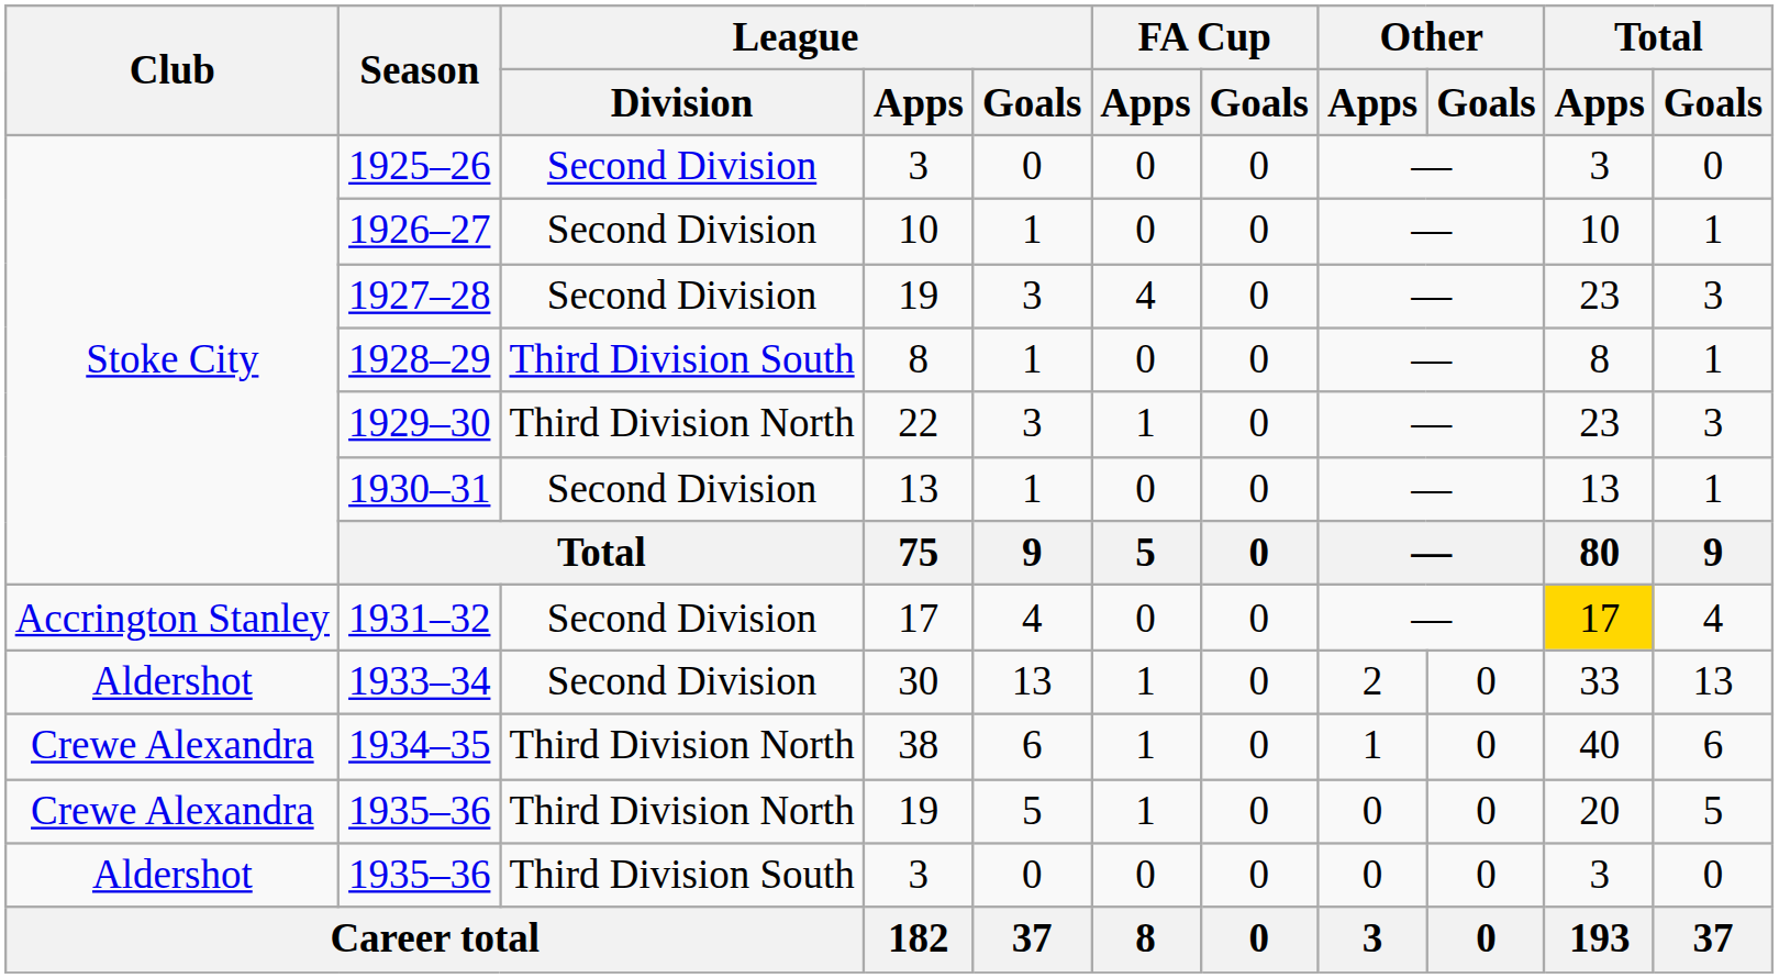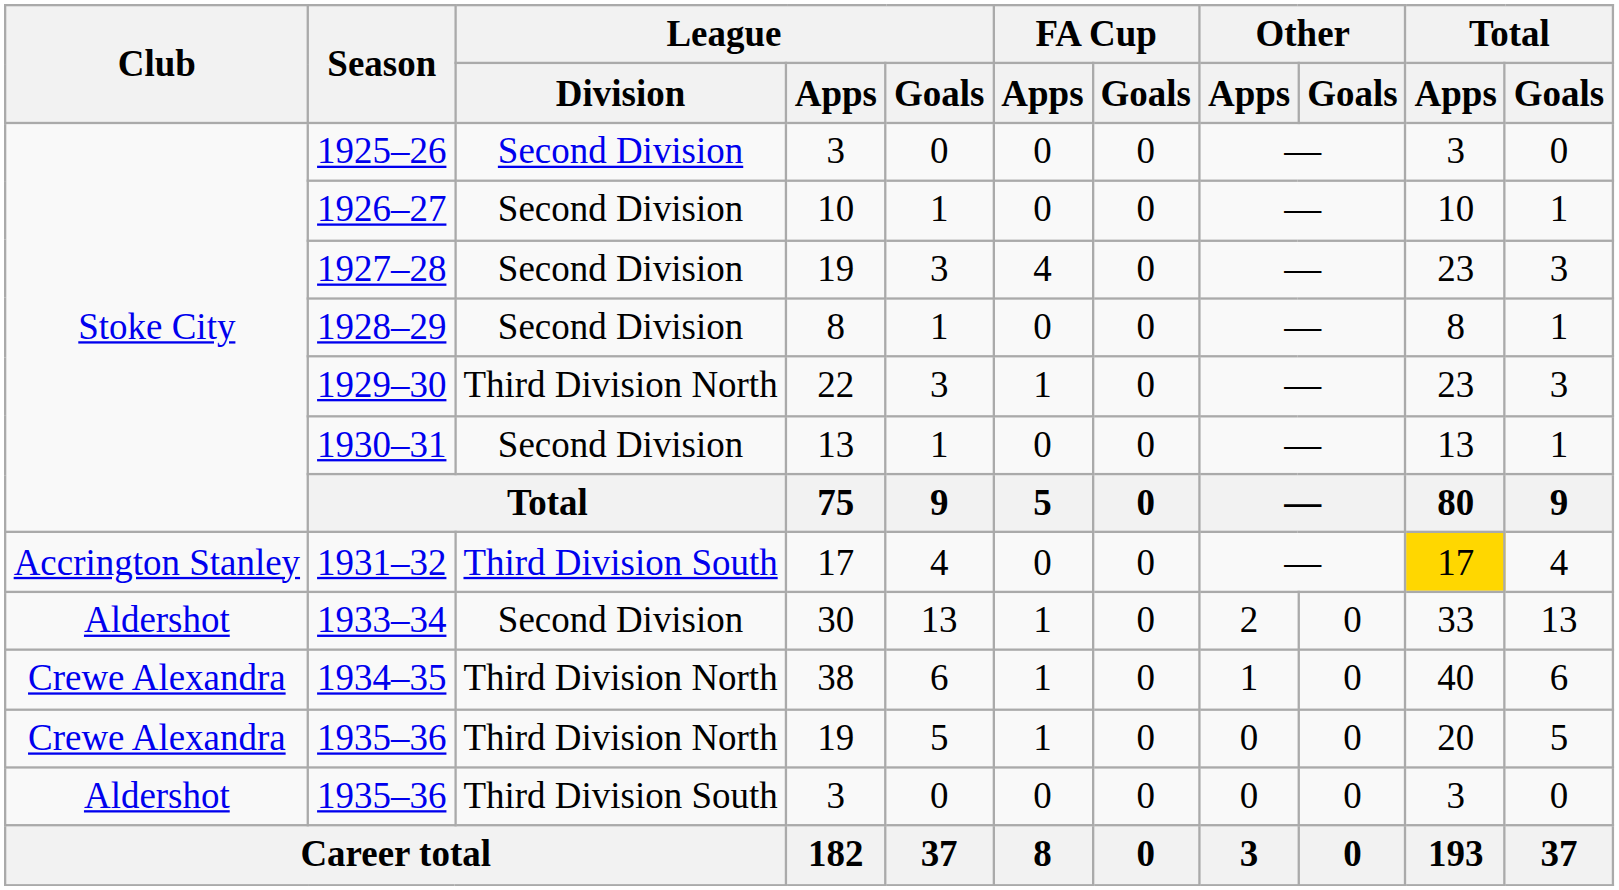 <table class="wikitable" style="text-align: center;">
 <tr>
 <th rowspan="2">Club</th>
 <th rowspan="2">Season</th>
 <th colspan="3">League</th>
 <th colspan="2">FA Cup</th>
 <th colspan="2">Other</th>
 <th colspan="2">Total</th>
 </tr>
 <tr>
 <th>Division</th>
 <th>Apps</th>
 <th>Goals</th>
 <th>Apps</th>
 <th>Goals</th>
 <th>Apps</th>
 <th>Goals</th>
 <th>Apps</th>
 <th>Goals</th>
 </tr>
 <tr>
 <td rowspan="7"><a href='#'>Stoke City</a></td>
 <td><a href='#'>1925–26</a></td>
 <td><a href='#'>Second Division</a></td>
 <td>3</td>
 <td>0</td>
 <td>0</td>
 <td>0</td>
 <td colspan=2>—</td>
 <td>3</td>
 <td>0</td>
 </tr>
 <tr>
 <td><a href='#'>1926–27</a></td>
 <td>Second Division</td>
 <td>10</td>
 <td>1</td>
 <td>0</td>
 <td>0</td>
 <td colspan=2>—</td>
 <td>10</td>
 <td>1</td>
 </tr>
 <tr>
 <td><a href='#'>1927–28</a></td>
 <td>Second Division</td>
 <td>19</td>
 <td>3</td>
 <td>4</td>
 <td>0</td>
 <td colspan=2>—</td>
 <td>23</td>
 <td>3</td>
 </tr>
 <tr>
 <td><a href='#'>1928–29</a></td>
-<td><a href='#'>Third Division South</a></td>
+<td>Second Division</td>
 <td>8</td>
 <td>1</td>
 <td>0</td>
 <td>0</td>
 <td colspan=2>—</td>
 <td>8</td>
 <td>1</td>
 </tr>
 <tr>
 <td><a href='#'>1929–30</a></td>
 <td>Third Division North</td>
 <td>22</td>
 <td>3</td>
 <td>1</td>
 <td>0</td>
 <td colspan=2>—</td>
 <td>23</td>
 <td>3</td>
 </tr>
 <tr>
 <td><a href='#'>1930–31</a></td>
 <td>Second Division</td>
 <td>13</td>
 <td>1</td>
 <td>0</td>
 <td>0</td>
 <td colspan=2>—</td>
 <td>13</td>
 <td>1</td>
 </tr>
 <tr>
 <th colspan="2">Total</th>
 <th>75</th>
 <th>9</th>
 <th>5</th>
 <th>0</th>
 <th colspan=2>—</th>
 <th>80</th>
 <th>9</th>
 </tr>
 <tr>
 <td><a href='#'>Accrington Stanley</a></td>
 <td><a href='#'>1931–32</a></td>
-<td>Second Division</td>
+<td><a href='#'>Third Division South</a></td>
 <td>17</td>
 <td>4</td>
 <td>0</td>
 <td>0</td>
 <td colspan=2>—</td>
 <td style="background: gold;">17</td>
 <td>4</td>
 </tr>
 <tr>
 <td><a href='#'>Aldershot</a></td>
 <td><a href='#'>1933–34</a></td>
 <td>Second Division</td>
 <td>30</td>
 <td>13</td>
 <td>1</td>
 <td>0</td>
 <td>2</td>
 <td>0</td>
 <td>33</td>
 <td>13</td>
 </tr>
 <tr>
 <td><a href='#'>Crewe Alexandra</a></td>
 <td><a href='#'>1934–35</a></td>
 <td>Third Division North</td>
 <td>38</td>
 <td>6</td>
 <td>1</td>
 <td>0</td>
 <td>1</td>
 <td>0</td>
 <td>40</td>
 <td>6</td>
 </tr>
 <tr>
 <td><a href='#'>Crewe Alexandra</a></td>
 <td><a href='#'>1935–36</a></td>
 <td>Third Division North</td>
 <td>19</td>
 <td>5</td>
 <td>1</td>
 <td>0</td>
 <td>0</td>
 <td>0</td>
 <td>20</td>
 <td>5</td>
 </tr>
 <tr>
 <td><a href='#'>Aldershot</a></td>
 <td><a href='#'>1935–36</a></td>
 <td>Third Division South</td>
 <td>3</td>
 <td>0</td>
 <td>0</td>
 <td>0</td>
 <td>0</td>
 <td>0</td>
 <td>3</td>
 <td>0</td>
 </tr>
 <tr>
 <th colspan="3">Career total</th>
 <th>182</th>
 <th>37</th>
 <th>8</th>
 <th>0</th>
 <th>3</th>
 <th>0</th>
 <th>193</th>
 <th>37</th>
 </tr>
 </table>
